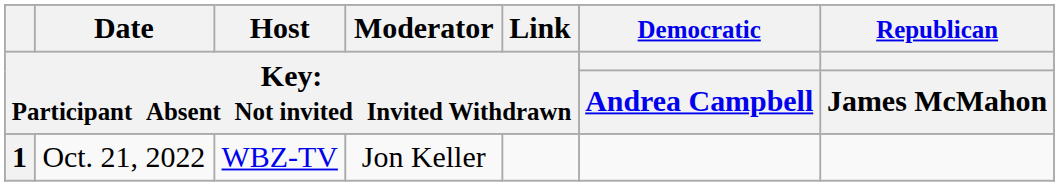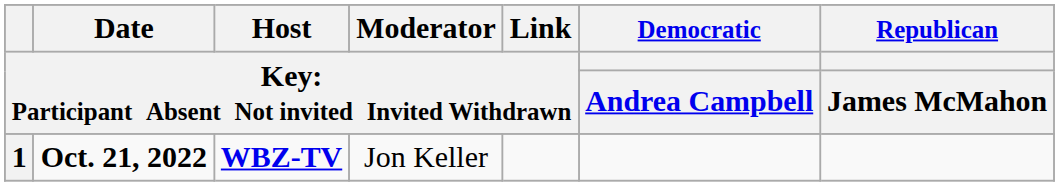 <table class="wikitable" style="text-align:center;">
 <tr>
 <th scope="col"></th>
 <th scope="col">Date</th>
 <th scope="col">Host</th>
 <th scope="col">Moderator</th>
 <th scope="col">Link</th>
 <th scope="col"><small><a href='#'>Democratic</a></small></th>
 <th scope="col"><small><a href='#'>Republican</a></small></th>
 </tr>
 <tr>
 <th colspan="5" rowspan="2">Key:<br> <small>Participant </small>  <small>Absent </small>  <small>Not invited </small>  <small>Invited  Withdrawn</small></th>
 <th scope="col" style="background:"></th>
 <th scope="col" style="background:"></th>
 </tr>
 <tr>
 <th scope="col"><a href='#'>Andrea Campbell</a></th>
 <th scope="col">James McMahon</th>
 </tr>
 <tr>
 <th>1</th>
-<td style="white-space:nowrap;">Oct. 21, 2022</td>
-<td style="white-space:nowrap;"><a href='#'>WBZ-TV</a></td>
+<td style="white-space:nowrap;"><strong>Oct. 21, 2022</strong></td>
+<td style="white-space:nowrap;"><strong><a href='#'>WBZ-TV</a></strong></td>
 <td style="white-space:nowrap;">Jon Keller</td>
 <td style="white-space:nowrap;"></td>
 <td></td>
 <td></td>
 </tr>
 </table>
